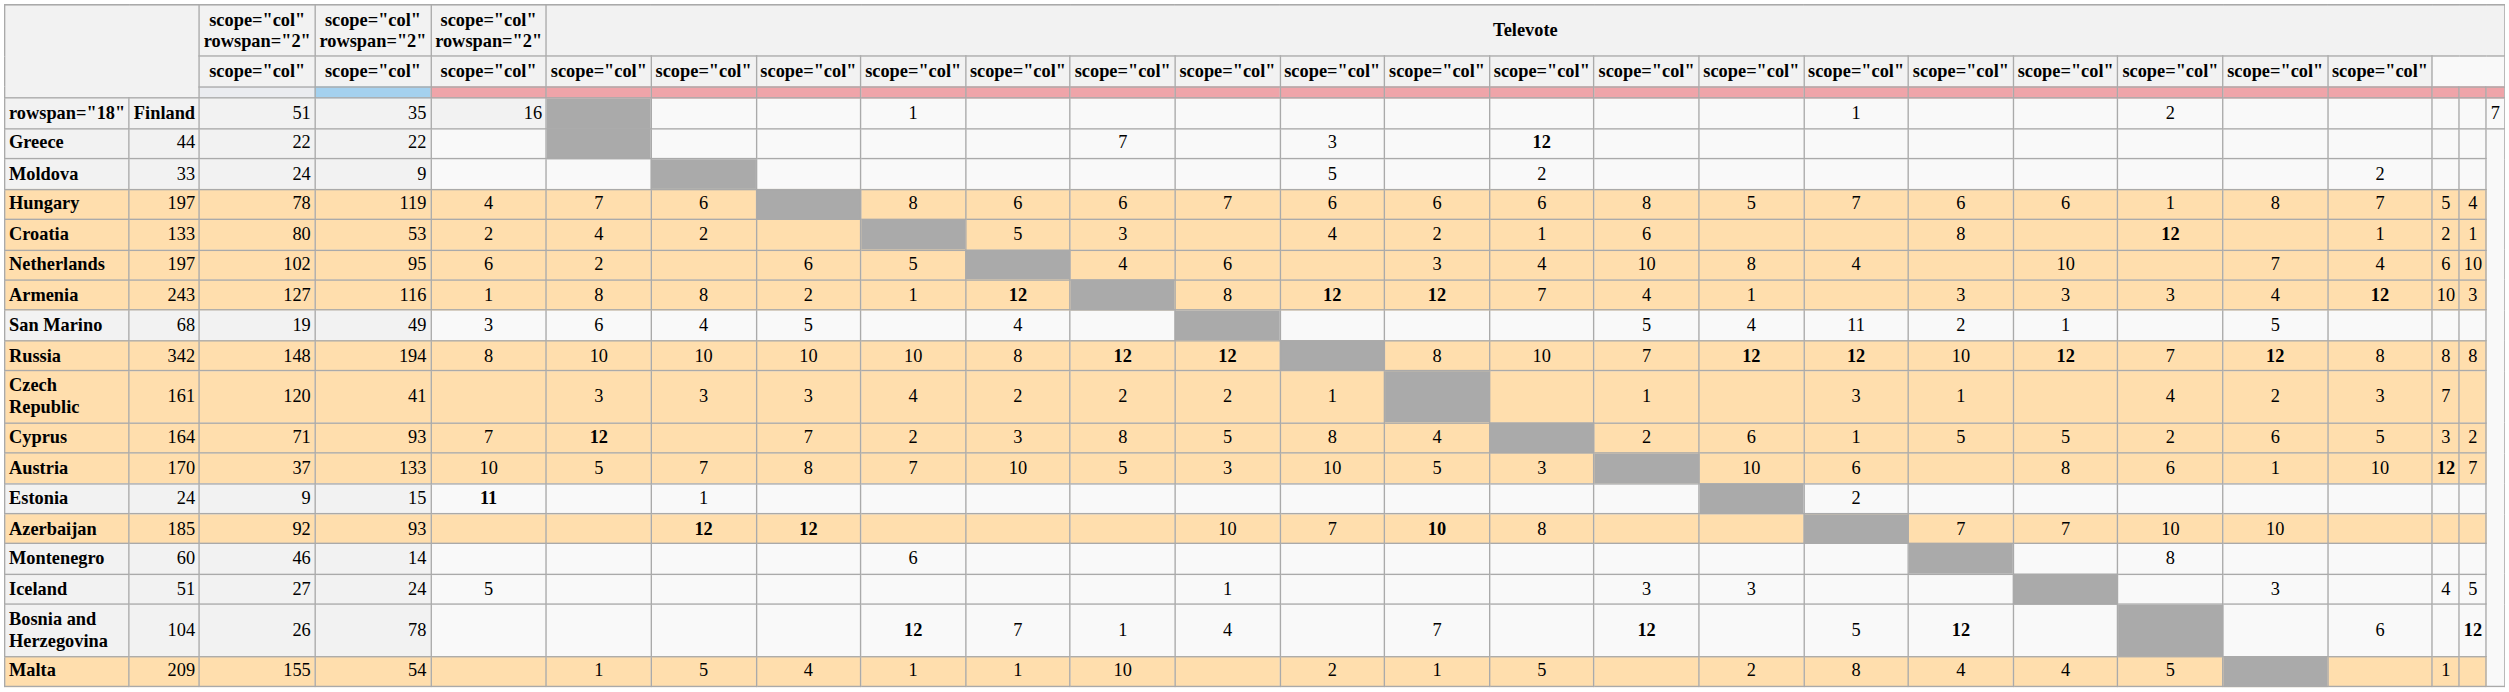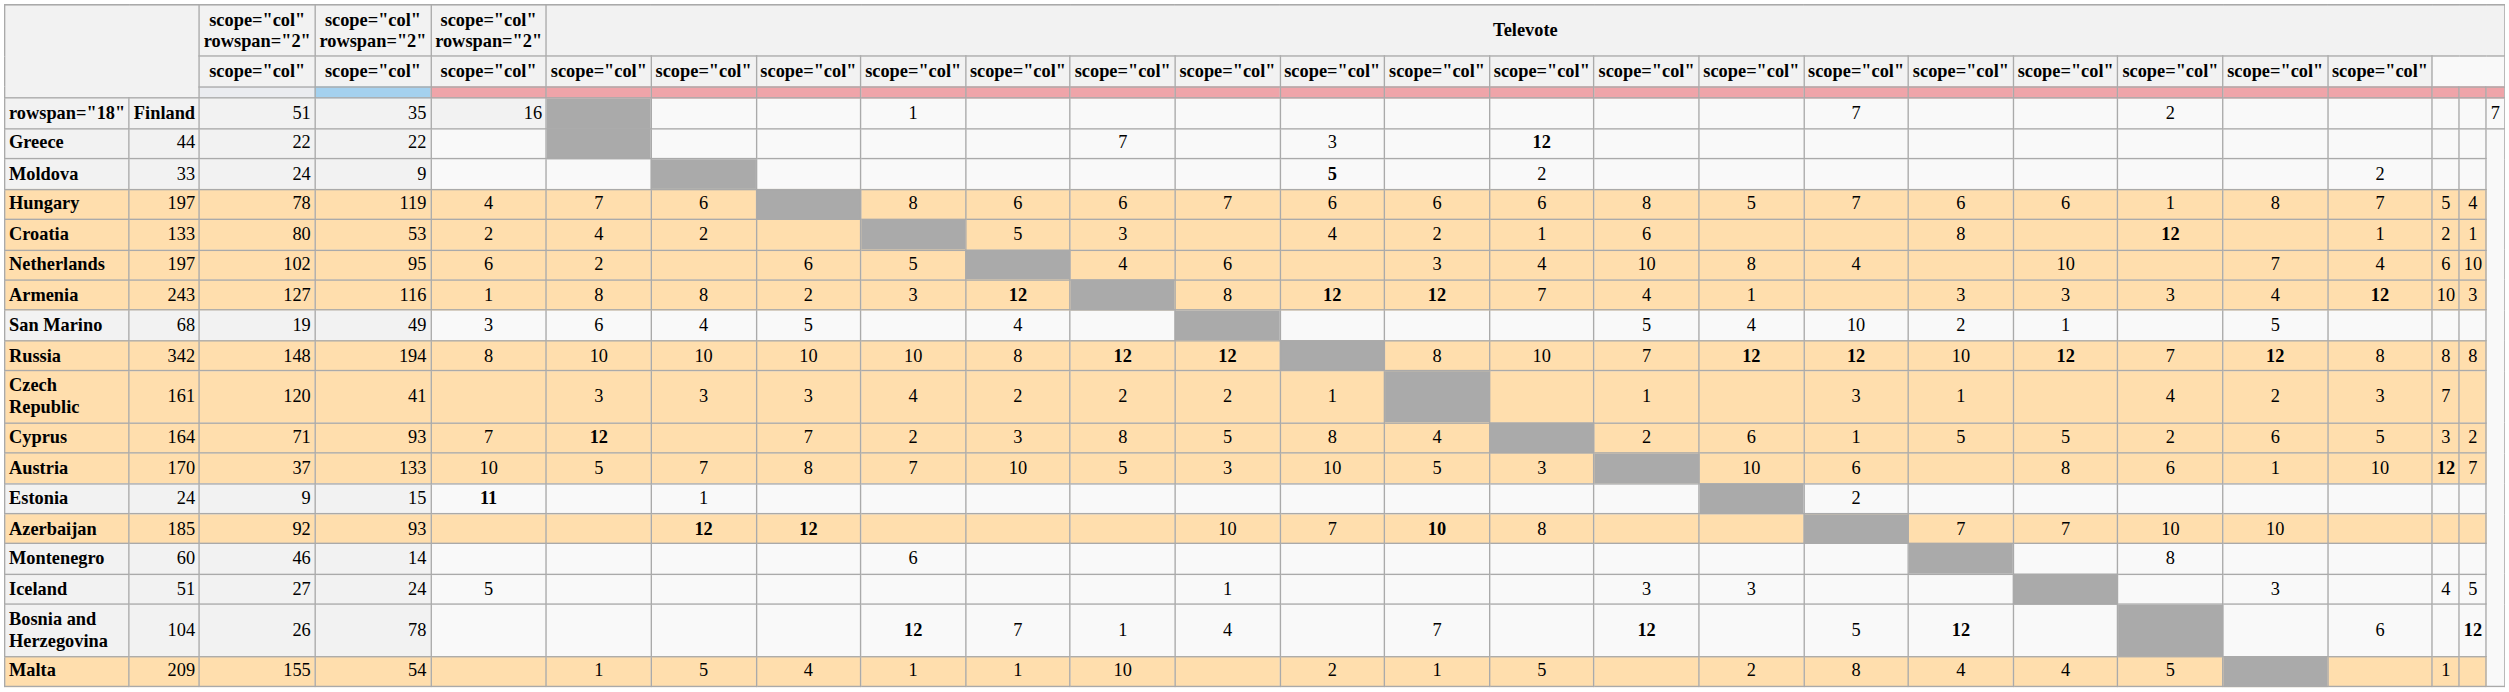 <table class="wikitable plainrowheaders" style="text-align:center; font-size:85%;">
 <tr>
 </tr>
 <tr>
 <td colspan="2" rowspan="3" style="background: #F2F2F2;"></td>
 <th>scope="col" rowspan="2" </th>
 <th>scope="col" rowspan="2" </th>
 <th>scope="col" rowspan="2" </th>
 <th scope="col" colspan="21">Televote</th>
 </tr>
 <tr>
 <th>scope="col" </th>
 <th>scope="col" </th>
 <th>scope="col" </th>
 <th>scope="col" </th>
 <th>scope="col" </th>
 <th>scope="col" </th>
 <th>scope="col" </th>
 <th>scope="col" </th>
 <th>scope="col" </th>
 <th>scope="col" </th>
 <th>scope="col" </th>
 <th>scope="col" </th>
 <th>scope="col" </th>
 <th>scope="col" </th>
 <th>scope="col" </th>
 <th>scope="col" </th>
 <th>scope="col" </th>
 <th>scope="col" </th>
 <th>scope="col" </th>
 <th>scope="col" </th>
 <th>scope="col" </th>
 </tr>
 <tr>
 <td style="height:2px; background:#eaecf0; border-top:1px solid transparent;"></td>
 <td style="background:#A4D1EF;"></td>
 <td style="background:#EFA4A9;"></td>
 <th style="background:#EFA4A9;"></th>
 <th style="background:#EFA4A9;"></th>
 <th style="background:#EFA4A9;"></th>
 <th style="background:#EFA4A9;"></th>
 <th style="background:#EFA4A9;"></th>
 <th style="background:#EFA4A9;"></th>
 <th style="background:#EFA4A9;"></th>
 <th style="background:#EFA4A9;"></th>
 <th style="background:#EFA4A9;"></th>
 <th style="background:#EFA4A9;"></th>
 <th style="background:#EFA4A9;"></th>
 <th style="background:#EFA4A9;"></th>
 <th style="background:#EFA4A9;"></th>
 <th style="background:#EFA4A9;"></th>
 <th style="background:#EFA4A9;"></th>
 <th style="background:#EFA4A9;"></th>
 <th style="background:#EFA4A9;"></th>
 <th style="background:#EFA4A9;"></th>
 <th style="background:#EFA4A9;"></th>
 <th style="background:#EFA4A9;"></th>
 <th style="background:#EFA4A9;"></th>
 </tr>
 <tr>
 <th>rowspan="18" </th>
 <th scope="row" style="text-align:left; background:#f2f2f2;">Finland</th>
 <td style="text-align:right; background:#f2f2f2;">51</td>
 <td style="text-align:right; background:#f2f2f2;">35</td>
 <td style="text-align:right; background:#f2f2f2;">16</td>
 <td style="background:#AAAAAA;"></td>
 <td></td>
 <td></td>
 <td>1</td>
 <td></td>
 <td></td>
 <td></td>
 <td></td>
 <td></td>
 <td></td>
 <td></td>
 <td></td>
-<td>1</td>
+<td>7</td>
 <td></td>
 <td></td>
 <td>2</td>
 <td></td>
 <td></td>
 <td></td>
 <td></td>
 <td>7</td>
 </tr>
 <tr>
 <th scope="row" style="text-align:left; background:#f2f2f2;">Greece</th>
 <td style="text-align:right; background:#f2f2f2;">44</td>
 <td style="text-align:right; background:#f2f2f2;">22</td>
 <td style="text-align:right; background:#f2f2f2;">22</td>
 <td></td>
 <td style="background:#AAAAAA;"></td>
 <td></td>
 <td></td>
 <td></td>
 <td></td>
 <td>7</td>
 <td></td>
 <td>3</td>
 <td></td>
 <td><strong>12</strong></td>
 <td></td>
 <td></td>
 <td></td>
 <td></td>
 <td></td>
 <td></td>
 <td></td>
 <td></td>
 <td></td>
 <td></td>
 </tr>
 <tr>
 <th scope="row" style="text-align:left; background:#f2f2f2;">Moldova</th>
 <td style="text-align:right; background:#f2f2f2;">33</td>
 <td style="text-align:right; background:#f2f2f2;">24</td>
 <td style="text-align:right; background:#f2f2f2;">9</td>
 <td></td>
 <td></td>
 <td style="background:#AAAAAA;"></td>
 <td></td>
 <td></td>
 <td></td>
 <td></td>
 <td></td>
-<td>5</td>
+<td><strong>5</strong></td>
 <td></td>
 <td>2</td>
 <td></td>
 <td></td>
 <td></td>
 <td></td>
 <td></td>
 <td></td>
 <td></td>
 <td>2</td>
 <td></td>
 <td></td>
 </tr>
 <tr style="background:#ffdead;">
 <td scope="row" style="text-align:left; font-weight:bold; background:#ffdead;">Hungary</td>
 <td style="text-align:right;">197</td>
 <td style="text-align:right;">78</td>
 <td style="text-align:right;">119</td>
 <td>4</td>
 <td>7</td>
 <td>6</td>
 <td style="background:#AAAAAA;"></td>
 <td>8</td>
 <td>6</td>
 <td>6</td>
 <td>7</td>
 <td>6</td>
 <td>6</td>
 <td>6</td>
 <td>8</td>
 <td>5</td>
 <td>7</td>
 <td>6</td>
 <td>6</td>
 <td>1</td>
 <td>8</td>
 <td>7</td>
 <td>5</td>
 <td>4</td>
 </tr>
 <tr style="background:#ffdead;">
 <td scope="row" style="text-align:left; font-weight:bold; background:#ffdead;">Croatia</td>
 <td style="text-align:right;">133</td>
 <td style="text-align:right;">80</td>
 <td style="text-align:right;">53</td>
 <td>2</td>
 <td>4</td>
 <td>2</td>
 <td></td>
 <td style="background:#AAAAAA;"></td>
 <td>5</td>
 <td>3</td>
 <td></td>
 <td>4</td>
 <td>2</td>
 <td>1</td>
 <td>6</td>
 <td></td>
 <td></td>
 <td>8</td>
 <td></td>
 <td><strong>12</strong></td>
 <td></td>
 <td>1</td>
 <td>2</td>
 <td>1</td>
 </tr>
 <tr style="background:#ffdead;">
 <td scope="row" style="text-align:left; font-weight:bold; background:#ffdead;">Netherlands</td>
 <td style="text-align:right;">197</td>
 <td style="text-align:right;">102</td>
 <td style="text-align:right;">95</td>
 <td>6</td>
 <td>2</td>
 <td></td>
 <td>6</td>
 <td>5</td>
 <td style="background:#AAAAAA;"></td>
 <td>4</td>
 <td>6</td>
 <td></td>
 <td>3</td>
 <td>4</td>
 <td>10</td>
 <td>8</td>
 <td>4</td>
 <td></td>
 <td>10</td>
 <td></td>
 <td>7</td>
 <td>4</td>
 <td>6</td>
 <td>10</td>
 </tr>
 <tr style="background:#ffdead;">
 <td scope="row" style="text-align:left; font-weight:bold; background:#ffdead;">Armenia</td>
 <td style="text-align:right;">243</td>
 <td style="text-align:right;">127</td>
 <td style="text-align:right;">116</td>
 <td>1</td>
 <td>8</td>
 <td>8</td>
 <td>2</td>
-<td>1</td>
+<td>3</td>
 <td><strong>12</strong></td>
 <td style="background:#AAAAAA;"></td>
 <td>8</td>
 <td><strong>12</strong></td>
 <td><strong>12</strong></td>
 <td>7</td>
 <td>4</td>
 <td>1</td>
 <td></td>
 <td>3</td>
 <td>3</td>
 <td>3</td>
 <td>4</td>
 <td><strong>12</strong></td>
 <td>10</td>
 <td>3</td>
 </tr>
 <tr>
 <th scope="row" style="text-align:left; background:#f2f2f2;">San Marino</th>
 <td style="text-align:right; background:#f2f2f2;">68</td>
 <td style="text-align:right; background:#f2f2f2;">19</td>
 <td style="text-align:right; background:#f2f2f2;">49</td>
 <td>3</td>
 <td>6</td>
 <td>4</td>
 <td>5</td>
 <td></td>
 <td>4</td>
 <td></td>
 <td style="background:#AAAAAA;"></td>
 <td></td>
 <td></td>
 <td></td>
 <td>5</td>
 <td>4</td>
-<td>11</td>
+<td>10</td>
 <td>2</td>
 <td>1</td>
 <td></td>
 <td>5</td>
 <td></td>
 <td></td>
 <td></td>
 </tr>
 <tr style="background:#ffdead;">
 <td scope="row" style="text-align:left; font-weight:bold; background:#ffdead;">Russia</td>
 <td style="text-align:right;">342</td>
 <td style="text-align:right;">148</td>
 <td style="text-align:right;">194</td>
 <td>8</td>
 <td>10</td>
 <td>10</td>
 <td>10</td>
 <td>10</td>
 <td>8</td>
 <td><strong>12</strong></td>
 <td><strong>12</strong></td>
 <td style="background:#AAAAAA;"></td>
 <td>8</td>
 <td>10</td>
 <td>7</td>
 <td><strong>12</strong></td>
 <td><strong>12</strong></td>
 <td>10</td>
 <td><strong>12</strong></td>
 <td>7</td>
 <td><strong>12</strong></td>
 <td>8</td>
 <td>8</td>
 <td>8</td>
 </tr>
 <tr style="background:#ffdead;">
 <td scope="row" style="text-align:left; font-weight:bold; background:#ffdead;">Czech Republic</td>
 <td style="text-align:right;">161</td>
 <td style="text-align:right;">120</td>
 <td style="text-align:right;">41</td>
 <td></td>
 <td>3</td>
 <td>3</td>
 <td>3</td>
 <td>4</td>
 <td>2</td>
 <td>2</td>
 <td>2</td>
 <td>1</td>
 <td style="background:#AAAAAA;"></td>
 <td></td>
 <td>1</td>
 <td></td>
 <td>3</td>
 <td>1</td>
 <td></td>
 <td>4</td>
 <td>2</td>
 <td>3</td>
 <td>7</td>
 <td></td>
 </tr>
 <tr style="background:#ffdead;">
 <td scope="row" style="text-align:left; font-weight:bold; background:#ffdead;">Cyprus</td>
 <td style="text-align:right;">164</td>
 <td style="text-align:right;">71</td>
 <td style="text-align:right;">93</td>
 <td>7</td>
 <td><strong>12</strong></td>
 <td></td>
 <td>7</td>
 <td>2</td>
 <td>3</td>
 <td>8</td>
 <td>5</td>
 <td>8</td>
 <td>4</td>
 <td style="background:#AAAAAA;"></td>
 <td>2</td>
 <td>6</td>
 <td>1</td>
 <td>5</td>
 <td>5</td>
 <td>2</td>
 <td>6</td>
 <td>5</td>
 <td>3</td>
 <td>2</td>
 </tr>
 <tr style="background:#ffdead;">
 <td scope="row" style="text-align:left; font-weight:bold; background:#ffdead;">Austria</td>
 <td style="text-align:right;">170</td>
 <td style="text-align:right;">37</td>
 <td style="text-align:right;">133</td>
 <td>10</td>
 <td>5</td>
 <td>7</td>
 <td>8</td>
 <td>7</td>
 <td>10</td>
 <td>5</td>
 <td>3</td>
 <td>10</td>
 <td>5</td>
 <td>3</td>
 <td style="background:#AAAAAA;"></td>
 <td>10</td>
 <td>6</td>
 <td></td>
 <td>8</td>
 <td>6</td>
 <td>1</td>
 <td>10</td>
 <td><strong>12</strong></td>
 <td>7</td>
 </tr>
 <tr>
 <th scope="row" style="text-align:left; background:#f2f2f2;">Estonia</th>
 <td style="text-align:right; background:#f2f2f2;">24</td>
 <td style="text-align:right; background:#f2f2f2;">9</td>
 <td style="text-align:right; background:#f2f2f2;">15</td>
 <td><strong>11</strong></td>
 <td></td>
 <td>1</td>
 <td></td>
 <td></td>
 <td></td>
 <td></td>
 <td></td>
 <td></td>
 <td></td>
 <td></td>
 <td></td>
 <td style="background:#AAAAAA;"></td>
 <td>2</td>
 <td></td>
 <td></td>
 <td></td>
 <td></td>
 <td></td>
 <td></td>
 <td></td>
 </tr>
 <tr style="background:#ffdead;">
 <td scope="row" style="text-align:left; font-weight:bold; background:#ffdead;">Azerbaijan</td>
 <td style="text-align:right;">185</td>
 <td style="text-align:right;">92</td>
 <td style="text-align:right;">93</td>
 <td></td>
 <td></td>
 <td><strong>12</strong></td>
 <td><strong>12</strong></td>
 <td></td>
 <td></td>
 <td></td>
 <td>10</td>
 <td>7</td>
 <td><strong>10</strong></td>
 <td>8</td>
 <td></td>
 <td></td>
 <td style="background:#AAAAAA;"></td>
 <td>7</td>
 <td>7</td>
 <td>10</td>
 <td>10</td>
 <td></td>
 <td></td>
 <td></td>
 </tr>
 <tr>
 <th scope="row" style="text-align:left; background:#f2f2f2;">Montenegro</th>
 <td style="text-align:right; background:#f2f2f2;">60</td>
 <td style="text-align:right; background:#f2f2f2;">46</td>
 <td style="text-align:right; background:#f2f2f2;">14</td>
 <td></td>
 <td></td>
 <td></td>
 <td></td>
 <td>6</td>
 <td></td>
 <td></td>
 <td></td>
 <td></td>
 <td></td>
 <td></td>
 <td></td>
 <td></td>
 <td></td>
 <td style="background:#AAAAAA;"></td>
 <td></td>
 <td>8</td>
 <td></td>
 <td></td>
 <td></td>
 <td></td>
 </tr>
 <tr>
 <th scope="row" style="text-align:left; background:#f2f2f2;">Iceland</th>
 <td style="text-align:right; background:#f2f2f2;">51</td>
 <td style="text-align:right; background:#f2f2f2;">27</td>
 <td style="text-align:right; background:#f2f2f2;">24</td>
 <td>5</td>
 <td></td>
 <td></td>
 <td></td>
 <td></td>
 <td></td>
 <td></td>
 <td>1</td>
 <td></td>
 <td></td>
 <td></td>
 <td>3</td>
 <td>3</td>
 <td></td>
 <td></td>
 <td style="background:#AAAAAA;"></td>
 <td></td>
 <td>3</td>
 <td></td>
 <td>4</td>
 <td>5</td>
 </tr>
 <tr>
 <th scope="row" style="text-align:left; background:#f2f2f2;">Bosnia and Herzegovina</th>
 <td style="text-align:right; background:#f2f2f2;">104</td>
 <td style="text-align:right; background:#f2f2f2;">26</td>
 <td style="text-align:right; background:#f2f2f2;">78</td>
 <td></td>
 <td></td>
 <td></td>
 <td></td>
 <td><strong>12</strong></td>
 <td>7</td>
 <td>1</td>
 <td>4</td>
 <td></td>
 <td>7</td>
 <td></td>
 <td><strong>12</strong></td>
 <td></td>
 <td>5</td>
 <td><strong>12</strong></td>
 <td></td>
 <td style="background:#AAAAAA;"></td>
 <td></td>
 <td>6</td>
 <td></td>
 <td><strong>12</strong></td>
 </tr>
 <tr style="background:#ffdead;">
 <td scope="row" style="text-align:left; font-weight:bold; background:#ffdead;">Malta</td>
 <td style="text-align:right;">209</td>
 <td style="text-align:right;">155</td>
 <td style="text-align:right;">54</td>
 <td></td>
 <td>1</td>
 <td>5</td>
 <td>4</td>
 <td>1</td>
 <td>1</td>
 <td>10</td>
 <td></td>
 <td>2</td>
 <td>1</td>
 <td>5</td>
 <td></td>
 <td>2</td>
 <td>8</td>
 <td>4</td>
 <td>4</td>
 <td>5</td>
 <td style="background:#AAAAAA;"></td>
 <td></td>
 <td>1</td>
 <td></td>
 </tr>
 </table>
